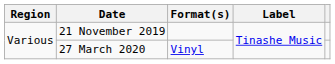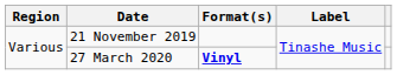 <table class="wikitable plainrowheaders">
 <tr>
 <th scope="col">Region</th>
 <th scope="col">Date</th>
 <th scope="col">Format(s)</th>
 <th scope="col">Label</th>
 <th scope="col"></th>
 </tr>
 <tr>
 <td rowspan="2">Various</td>
 <td>21 November 2019</td>
 <td></td>
 <td rowspan = "2"><a href='#'>Tinashe Music</a></td>
 <td></td>
 </tr>
 <tr>
 <td>27 March 2020</td>
-<td><a href='#'>Vinyl</a></td>
+<td><strong><a href='#'>Vinyl</a></strong></td>
 <td></td>
 </tr>
 </table>
